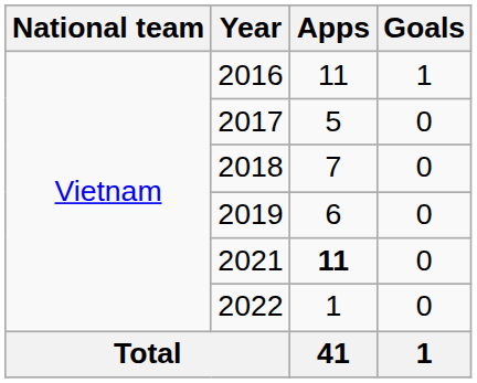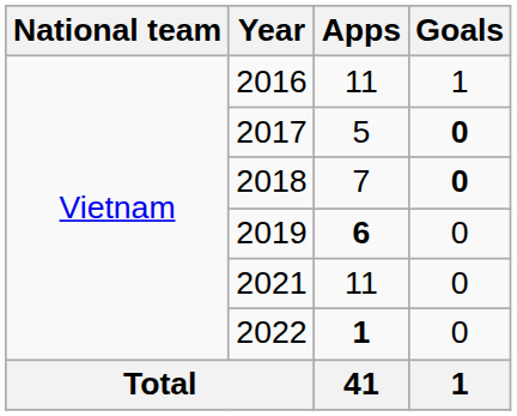 <table class=wikitable style=text-align:center>
 <tr>
 <th>National team</th>
 <th>Year</th>
 <th>Apps</th>
 <th>Goals</th>
 </tr>
 <tr>
 <td rowspan=6><a href='#'>Vietnam</a></td>
 <td>2016</td>
 <td>11</td>
 <td>1</td>
 </tr>
 <tr>
 <td>2017</td>
 <td>5</td>
-<td>0</td>
+<td><strong>0</strong></td>
 </tr>
 <tr>
 <td>2018</td>
 <td>7</td>
-<td>0</td>
+<td><strong>0</strong></td>
 </tr>
 <tr>
 <td>2019</td>
-<td>6</td>
+<td><strong>6</strong></td>
 <td>0</td>
 </tr>
 <tr>
 <td>2021</td>
-<td><strong>11</strong></td>
+<td>11</td>
 <td>0</td>
 </tr>
 <tr>
 <td>2022</td>
-<td>1</td>
+<td><strong>1</strong></td>
 <td>0</td>
 </tr>
 <tr>
 <th colspan=2>Total</th>
 <th>41</th>
 <th>1</th>
 </tr>
 </table>
